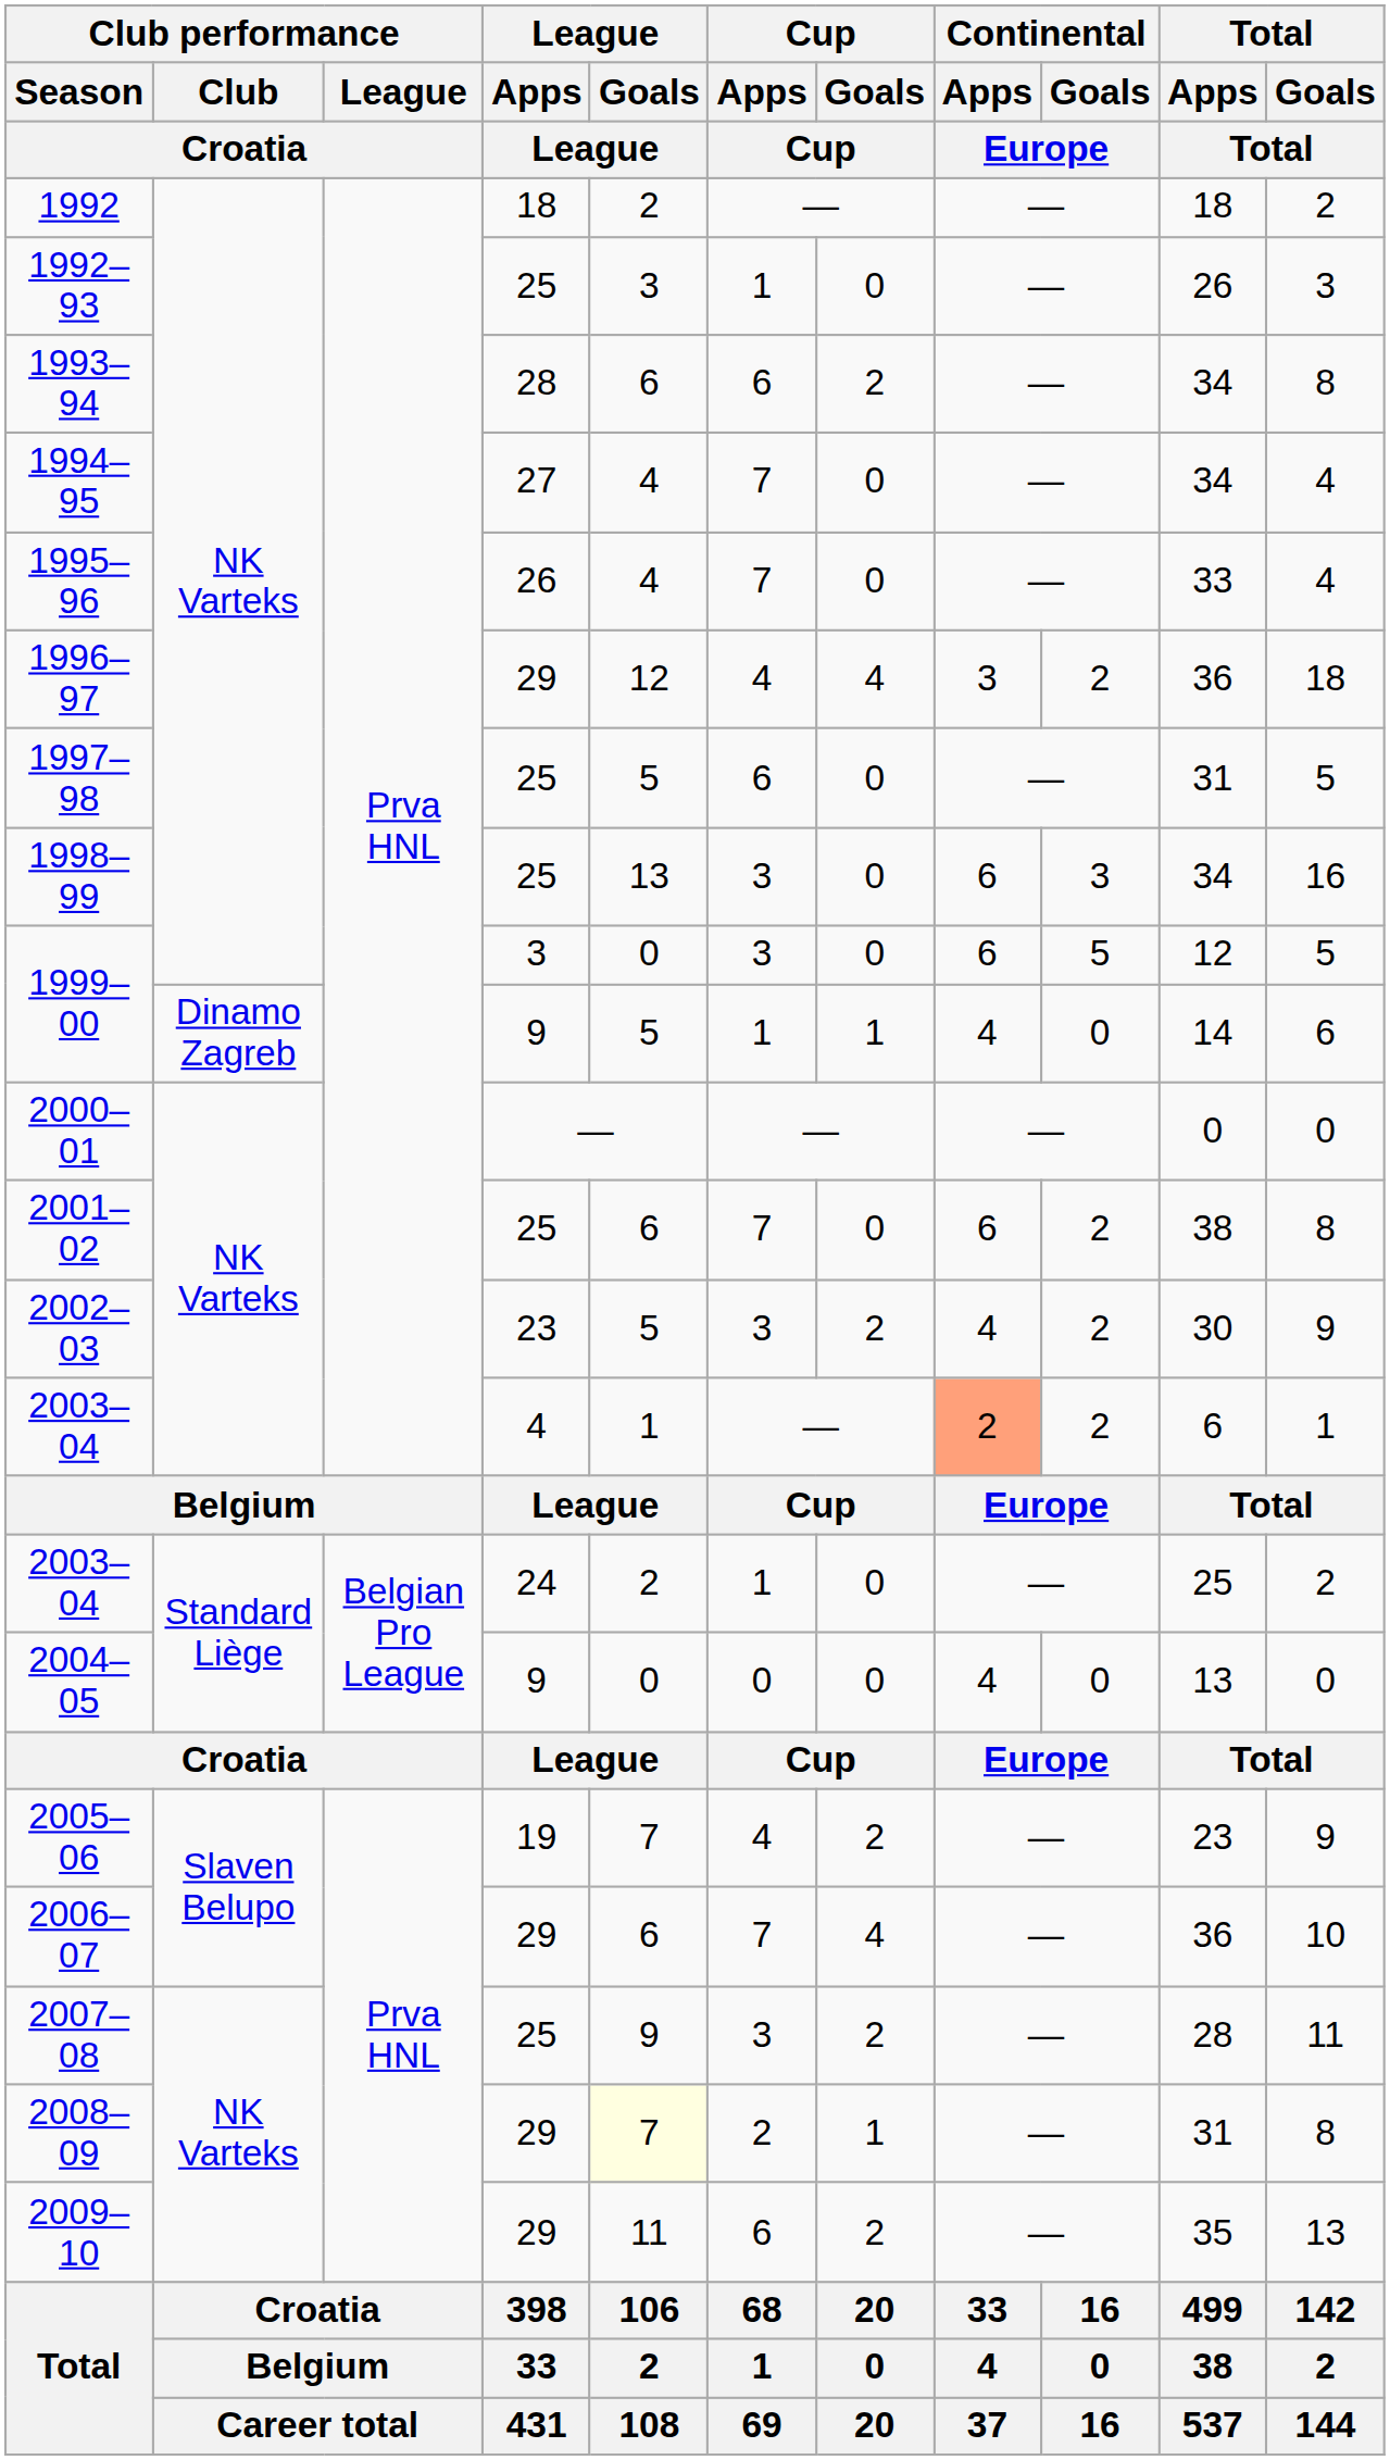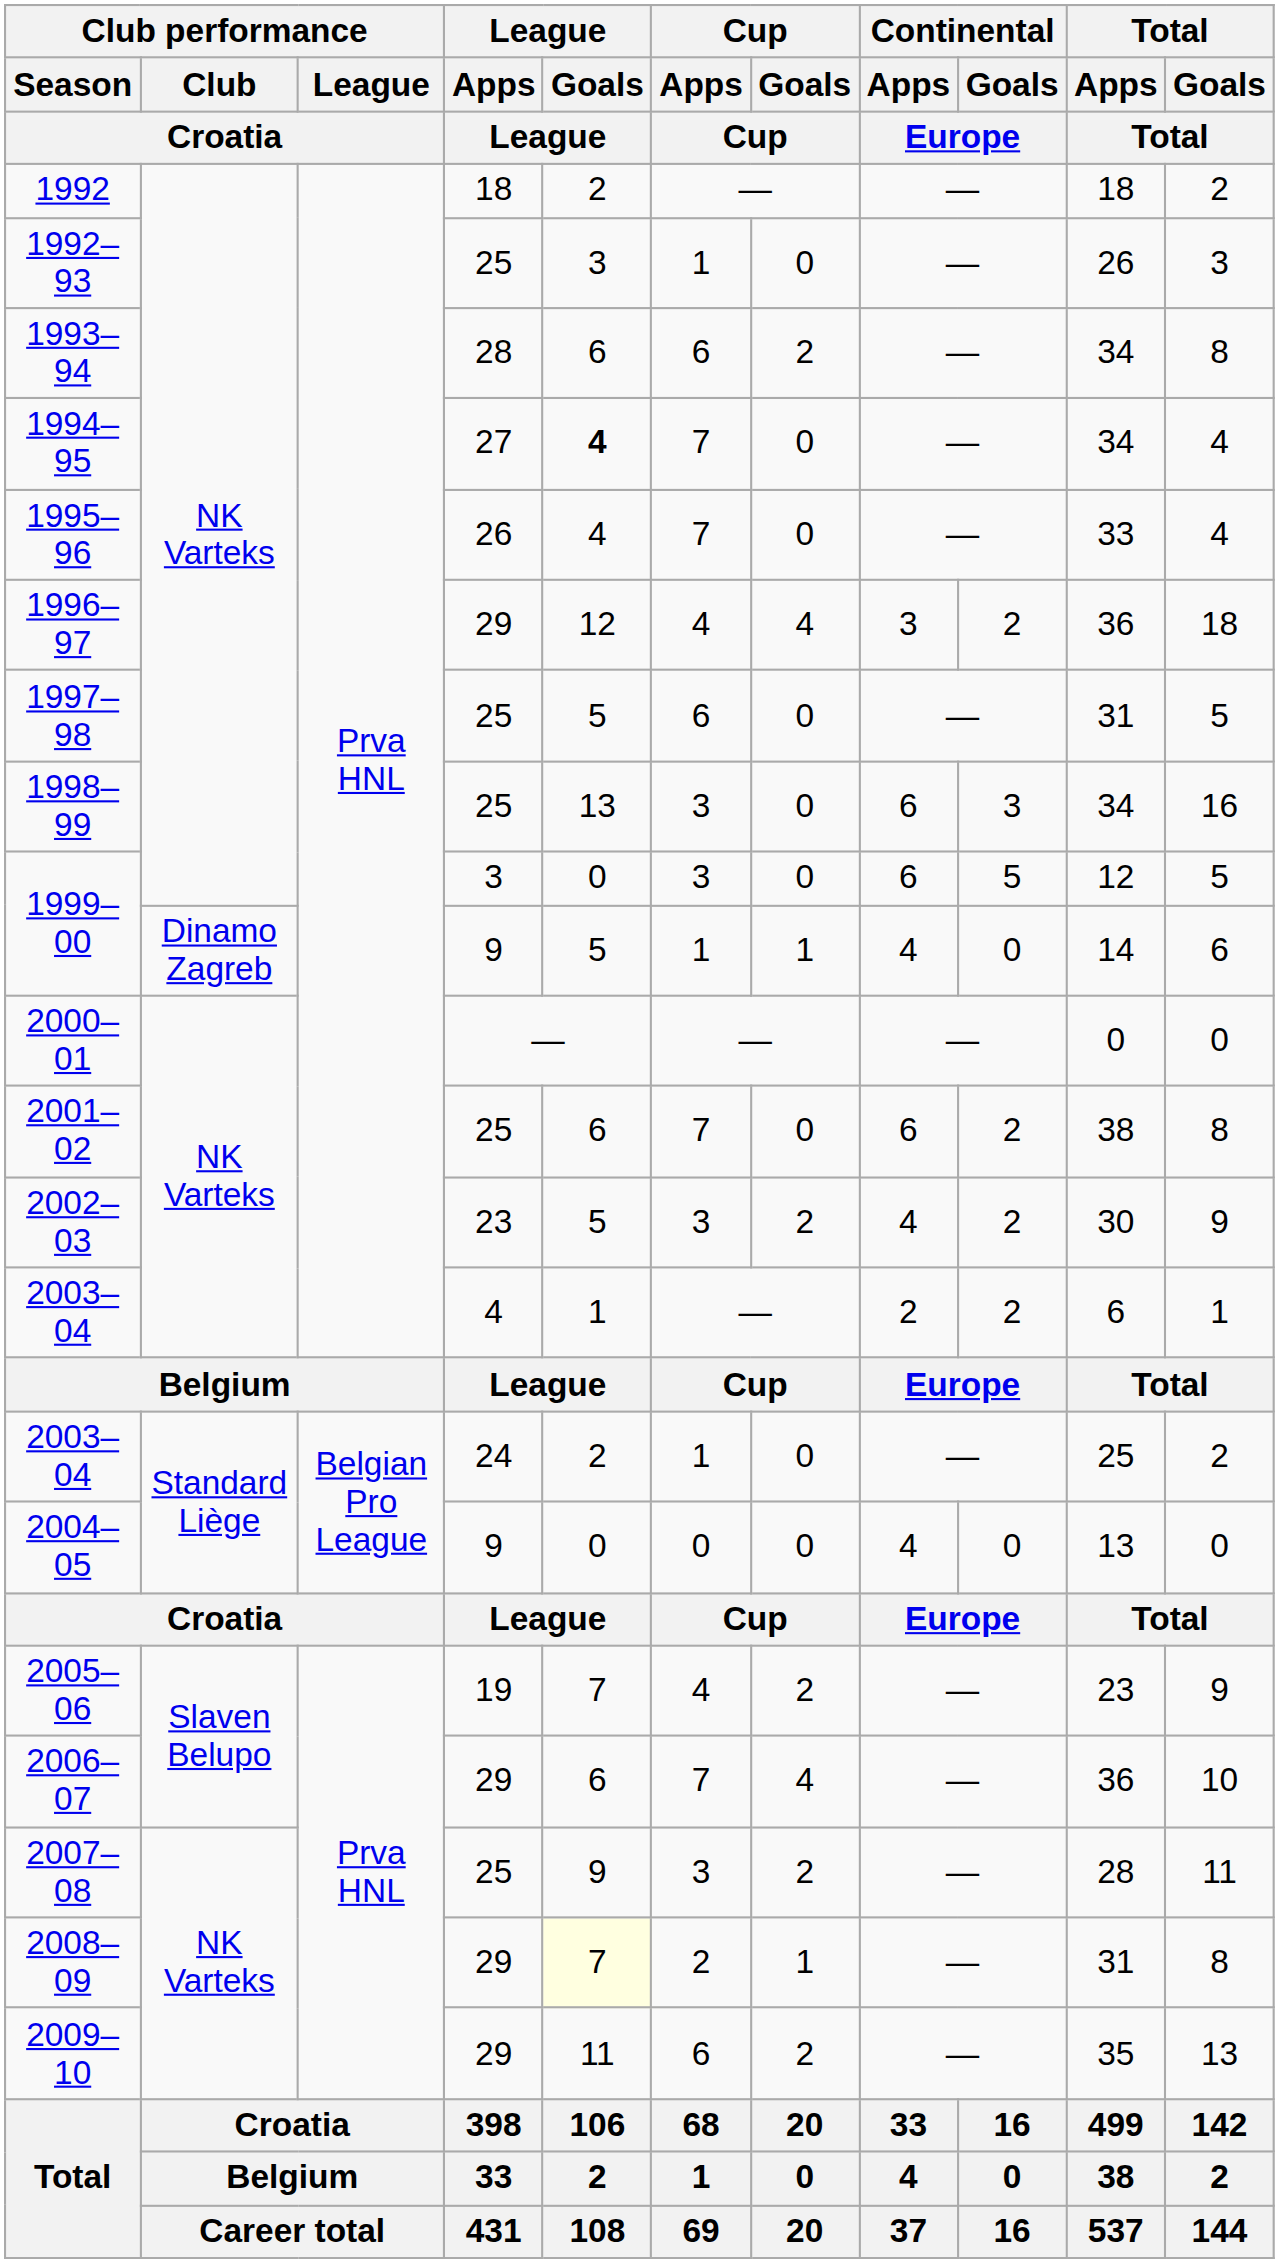 <table class="wikitable" style="text-align:center">
 <tr>
 <th colspan=3>Club performance</th>
 <th colspan=2>League</th>
 <th colspan=2>Cup</th>
 <th colspan=2>Continental</th>
 <th colspan=2>Total</th>
 </tr>
 <tr>
 <th>Season</th>
 <th>Club</th>
 <th>League</th>
 <th>Apps</th>
 <th>Goals</th>
 <th>Apps</th>
 <th>Goals</th>
 <th>Apps</th>
 <th>Goals</th>
 <th>Apps</th>
 <th>Goals</th>
 </tr>
 <tr>
 <th colspan=3>Croatia</th>
 <th colspan=2>League</th>
 <th colspan=2>Cup</th>
 <th colspan=2><a href='#'>Europe</a></th>
 <th colspan=2>Total</th>
 </tr>
 <tr>
 <td><a href='#'>1992</a></td>
 <td rowspan="9"><a href='#'>NK Varteks</a></td>
 <td rowspan="14"><a href='#'>Prva HNL</a></td>
 <td>18</td>
 <td>2</td>
 <td colspan="2">—</td>
 <td colspan="2">—</td>
 <td>18</td>
 <td>2</td>
 </tr>
 <tr>
 <td><a href='#'>1992–93</a></td>
 <td>25</td>
 <td>3</td>
 <td>1</td>
 <td>0</td>
 <td colspan="2">—</td>
 <td>26</td>
 <td>3</td>
 </tr>
 <tr>
 <td><a href='#'>1993–94</a></td>
 <td>28</td>
 <td>6</td>
 <td>6</td>
 <td>2</td>
 <td colspan="2">—</td>
 <td>34</td>
 <td>8</td>
 </tr>
 <tr>
 <td><a href='#'>1994–95</a></td>
 <td>27</td>
-<td>4</td>
+<td><strong>4</strong></td>
 <td>7</td>
 <td>0</td>
 <td colspan="2">—</td>
 <td>34</td>
 <td>4</td>
 </tr>
 <tr>
 <td><a href='#'>1995–96</a></td>
 <td>26</td>
 <td>4</td>
 <td>7</td>
 <td>0</td>
 <td colspan="2">—</td>
 <td>33</td>
 <td>4</td>
 </tr>
 <tr>
 <td><a href='#'>1996–97</a></td>
 <td>29</td>
 <td>12</td>
 <td>4</td>
 <td>4</td>
 <td>3</td>
 <td>2</td>
 <td>36</td>
 <td>18</td>
 </tr>
 <tr>
 <td><a href='#'>1997–98</a></td>
 <td>25</td>
 <td>5</td>
 <td>6</td>
 <td>0</td>
 <td colspan="2">—</td>
 <td>31</td>
 <td>5</td>
 </tr>
 <tr>
 <td><a href='#'>1998–99</a></td>
 <td>25</td>
 <td>13</td>
 <td>3</td>
 <td>0</td>
 <td>6</td>
 <td>3</td>
 <td>34</td>
 <td>16</td>
 </tr>
 <tr>
 <td rowspan="2"><a href='#'>1999–00</a></td>
 <td>3</td>
 <td>0</td>
 <td>3</td>
 <td>0</td>
 <td>6</td>
 <td>5</td>
 <td>12</td>
 <td>5</td>
 </tr>
 <tr>
 <td rowspan="1"><a href='#'>Dinamo Zagreb</a></td>
 <td>9</td>
 <td>5</td>
 <td>1</td>
 <td>1</td>
 <td>4</td>
 <td>0</td>
 <td>14</td>
 <td>6</td>
 </tr>
 <tr>
 <td><a href='#'>2000–01</a></td>
 <td rowspan="4"><a href='#'>NK Varteks</a></td>
 <td colspan="2">—</td>
 <td colspan="2">—</td>
 <td colspan="2">—</td>
 <td>0</td>
 <td>0</td>
 </tr>
 <tr>
 <td><a href='#'>2001–02</a></td>
 <td>25</td>
 <td>6</td>
 <td>7</td>
 <td>0</td>
 <td>6</td>
 <td>2</td>
 <td>38</td>
 <td>8</td>
 </tr>
 <tr>
 <td><a href='#'>2002–03</a></td>
 <td>23</td>
 <td>5</td>
 <td>3</td>
 <td>2</td>
 <td>4</td>
 <td>2</td>
 <td>30</td>
 <td>9</td>
 </tr>
 <tr>
 <td><a href='#'>2003–04</a></td>
 <td>4</td>
 <td>1</td>
 <td colspan="2">—</td>
-<td style="background: lightsalmon;">2</td>
+<td>2</td>
 <td>2</td>
 <td>6</td>
 <td>1</td>
 </tr>
 <tr>
 <th colspan=3>Belgium</th>
 <th colspan=2>League</th>
 <th colspan=2>Cup</th>
 <th colspan=2><a href='#'>Europe</a></th>
 <th colspan=2>Total</th>
 </tr>
 <tr>
 <td><a href='#'>2003–04</a></td>
 <td rowspan="2"><a href='#'>Standard Liège</a></td>
 <td rowspan="2"><a href='#'>Belgian Pro League</a></td>
 <td>24</td>
 <td>2</td>
 <td>1</td>
 <td>0</td>
 <td colspan="2">—</td>
 <td>25</td>
 <td>2</td>
 </tr>
 <tr>
 <td><a href='#'>2004–05</a></td>
 <td>9</td>
 <td>0</td>
 <td>0</td>
 <td>0</td>
 <td>4</td>
 <td>0</td>
 <td>13</td>
 <td>0</td>
 </tr>
 <tr>
 <th colspan=3>Croatia</th>
 <th colspan=2>League</th>
 <th colspan=2>Cup</th>
 <th colspan=2><a href='#'>Europe</a></th>
 <th colspan=2>Total</th>
 </tr>
 <tr>
 <td><a href='#'>2005–06</a></td>
 <td rowspan="2"><a href='#'>Slaven Belupo</a></td>
 <td rowspan="5"><a href='#'>Prva HNL</a></td>
 <td>19</td>
 <td>7</td>
 <td>4</td>
 <td>2</td>
 <td colspan="2">—</td>
 <td>23</td>
 <td>9</td>
 </tr>
 <tr>
 <td><a href='#'>2006–07</a></td>
 <td>29</td>
 <td>6</td>
 <td>7</td>
 <td>4</td>
 <td colspan="2">—</td>
 <td>36</td>
 <td>10</td>
 </tr>
 <tr>
 <td><a href='#'>2007–08</a></td>
 <td rowspan="3"><a href='#'>NK Varteks</a></td>
 <td>25</td>
 <td>9</td>
 <td>3</td>
 <td>2</td>
 <td colspan="2">—</td>
 <td>28</td>
 <td>11</td>
 </tr>
 <tr>
 <td><a href='#'>2008–09</a></td>
 <td>29</td>
 <td style="background: lightyellow;">7</td>
 <td>2</td>
 <td>1</td>
 <td colspan="2">—</td>
 <td>31</td>
 <td>8</td>
 </tr>
 <tr>
 <td><a href='#'>2009–10</a></td>
 <td>29</td>
 <td>11</td>
 <td>6</td>
 <td>2</td>
 <td colspan="2">—</td>
 <td>35</td>
 <td>13</td>
 </tr>
 <tr>
 <th rowspan=3>Total</th>
 <th colspan=2>Croatia</th>
 <th>398</th>
 <th>106</th>
 <th>68</th>
 <th>20</th>
 <th>33</th>
 <th>16</th>
 <th>499</th>
 <th>142</th>
 </tr>
 <tr>
 <th colspan=2>Belgium</th>
 <th>33</th>
 <th>2</th>
 <th>1</th>
 <th>0</th>
 <th>4</th>
 <th>0</th>
 <th>38</th>
 <th>2</th>
 </tr>
 <tr>
 <th colspan=2>Career total</th>
 <th>431</th>
 <th>108</th>
 <th>69</th>
 <th>20</th>
 <th>37</th>
 <th>16</th>
 <th>537</th>
 <th>144</th>
 </tr>
 </table>
